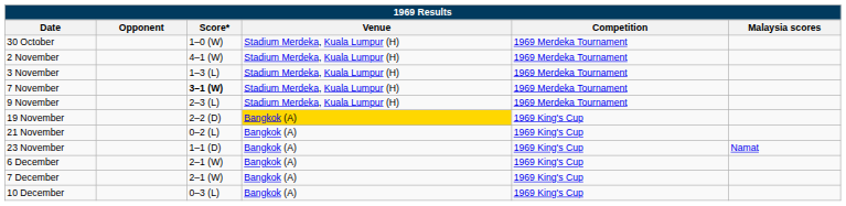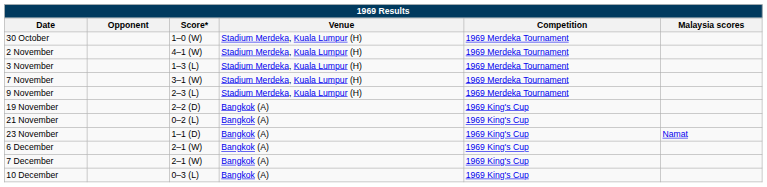 <table class="wikitable" width=100% style="text-align:left;font-size:90%;">
 <tr>
 <th colspan=9 style="background: #013A5E; color: #FFFFFF;">1969 Results</th>
 </tr>
 <tr>
 <th width=80>Date</th>
 <th width=80>Opponent</th>
 <th width=20>Score*</th>
 <th width=250>Venue</th>
 <th width=200>Competition</th>
 <th width=100>Malaysia scores</th>
 </tr>
 <tr>
 <td>30 October</td>
 <td></td>
 <td>1–0 (W)</td>
 <td><a href='#'>Stadium Merdeka</a>, <a href='#'>Kuala Lumpur</a> (H)</td>
 <td><a href='#'>1969 Merdeka Tournament</a></td>
 <td></td>
 </tr>
 <tr>
 <td>2 November</td>
 <td></td>
 <td>4–1 (W)</td>
 <td><a href='#'>Stadium Merdeka</a>, <a href='#'>Kuala Lumpur</a> (H)</td>
 <td><a href='#'>1969 Merdeka Tournament</a></td>
 <td></td>
 </tr>
 <tr>
 <td>3 November</td>
 <td></td>
 <td>1–3 (L)</td>
 <td><a href='#'>Stadium Merdeka</a>, <a href='#'>Kuala Lumpur</a> (H)</td>
 <td><a href='#'>1969 Merdeka Tournament</a></td>
 <td></td>
 </tr>
 <tr>
 <td>7 November</td>
 <td></td>
-<td><strong>3–1 (W)</strong></td>
+<td>3–1 (W)</td>
 <td><a href='#'>Stadium Merdeka</a>, <a href='#'>Kuala Lumpur</a> (H)</td>
 <td><a href='#'>1969 Merdeka Tournament</a></td>
 <td></td>
 </tr>
 <tr>
 <td>9 November</td>
 <td></td>
 <td>2–3 (L)</td>
 <td><a href='#'>Stadium Merdeka</a>, <a href='#'>Kuala Lumpur</a> (H)</td>
 <td><a href='#'>1969 Merdeka Tournament</a></td>
 <td></td>
 </tr>
 <tr>
 <td>19 November</td>
 <td></td>
 <td>2–2 (D)</td>
-<td style="background: gold;"><a href='#'>Bangkok</a> (A)</td>
+<td><a href='#'>Bangkok</a> (A)</td>
 <td><a href='#'>1969 King's Cup</a></td>
 <td></td>
 </tr>
 <tr>
 <td>21 November</td>
 <td></td>
 <td>0–2 (L)</td>
 <td><a href='#'>Bangkok</a> (A)</td>
 <td><a href='#'>1969 King's Cup</a></td>
 <td></td>
 </tr>
 <tr>
 <td>23 November</td>
 <td></td>
 <td>1–1 (D)</td>
 <td><a href='#'>Bangkok</a> (A)</td>
 <td><a href='#'>1969 King's Cup</a></td>
 <td><a href='#'>Namat</a> </td>
 </tr>
 <tr>
 <td>6 December</td>
 <td></td>
 <td>2–1 (W)</td>
 <td><a href='#'>Bangkok</a> (A)</td>
 <td><a href='#'>1969 King's Cup</a></td>
 <td></td>
 </tr>
 <tr>
 <td>7 December</td>
 <td></td>
 <td>2–1 (W)</td>
 <td><a href='#'>Bangkok</a> (A)</td>
 <td><a href='#'>1969 King's Cup</a></td>
 <td></td>
 </tr>
 <tr>
 <td>10 December</td>
 <td></td>
 <td>0–3 (L)</td>
 <td><a href='#'>Bangkok</a> (A)</td>
 <td><a href='#'>1969 King's Cup</a></td>
 <td></td>
 </tr>
 </table>
